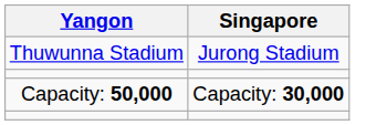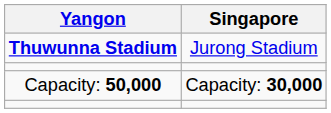 <table class="wikitable" style="text-align:center">
 <tr>
 <th colspan=1><a href='#'>Yangon</a></th>
 <th colspan=1>Singapore</th>
 </tr>
 <tr>
-<td><a href='#'>Thuwunna Stadium</a></td>
+<td><strong><a href='#'>Thuwunna Stadium</a></strong></td>
 <td><a href='#'>Jurong Stadium</a></td>
 </tr>
 <tr>
 <td></td>
 <td></td>
 </tr>
 <tr>
 <td>Capacity: <strong>50,000</strong></td>
 <td>Capacity: <strong>30,000</strong></td>
 </tr>
 <tr>
 <td></td>
 <td></td>
 </tr>
 </table>
